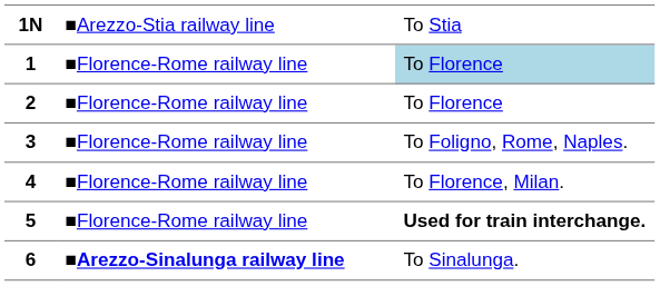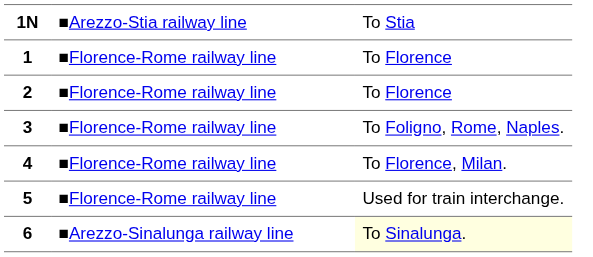 <table border="1" cellspacing="0" cellpadding="7" cellspacing="7" frame="hsides" rules="rows" style="margin-top:.4em; text-">
 <tr>
 <th style="width:30px" rowspan=1>1N</th>
 <td style="width:270px"><span>■</span><a href='#'>Arezzo-Stia railway line</a></td>
 <td>To <a href='#'>Stia</a></td>
 </tr>
 <tr>
 <th style="width:30px" rowspan=1>1</th>
 <td style="width:270px"><span>■</span><a href='#'>Florence-Rome railway line</a></td>
-<td style="background: lightblue;">To <a href='#'>Florence</a></td>
+<td>To <a href='#'>Florence</a></td>
 </tr>
 <tr>
 <th style="width:30px" rowspan=1>2</th>
 <td style="width:270px"><span>■</span><a href='#'>Florence-Rome railway line</a></td>
 <td>To <a href='#'>Florence</a></td>
 </tr>
 <tr>
 <th style="width:30px" rowspan=1>3</th>
 <td style="width:270px"><span>■</span><a href='#'>Florence-Rome railway line</a></td>
 <td>To <a href='#'>Foligno</a>, <a href='#'>Rome</a>, <a href='#'>Naples</a>.</td>
 </tr>
 <tr>
 <th style="width:30px" rowspan=1>4</th>
 <td style="width:270px"><span>■</span><a href='#'>Florence-Rome railway line</a></td>
 <td>To <a href='#'>Florence</a>, <a href='#'>Milan</a>.</td>
 </tr>
 <tr>
 <th style="width:30px" rowspan=1>5</th>
 <td style="width:270px"><span>■</span><a href='#'>Florence-Rome railway line</a></td>
-<td><strong>Used for train interchange.</strong></td>
+<td>Used for train interchange.</td>
 </tr>
 <tr>
 <th style="width:30px" rowspan=1>6</th>
-<td style="width:270px"><strong><span>■</span><a href='#'>Arezzo-Sinalunga railway line</a></strong></td>
-<td>To <a href='#'>Sinalunga</a>.</td>
+<td style="width:270px"><span>■</span><a href='#'>Arezzo-Sinalunga railway line</a></td>
+<td style="background: lightyellow;">To <a href='#'>Sinalunga</a>.</td>
 </tr>
 </table>
